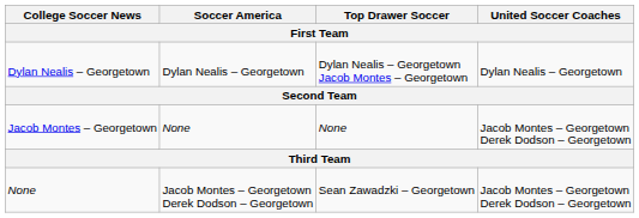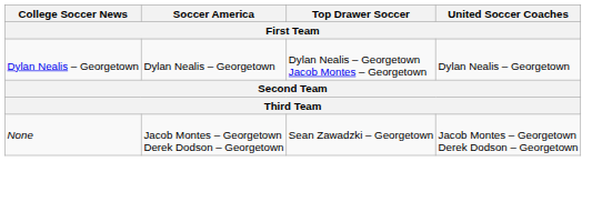 <table class="wikitable" style="font-size: 95%">
 <tr>
 <th>College Soccer News</th>
 <th>Soccer America<em></em></th>
 <th>Top Drawer Soccer</th>
 <th>United Soccer Coaches</th>
 </tr>
 <tr>
 <th colspan=4>First Team</th>
 </tr>
 <tr>
 <td><br><a href='#'>Dylan Nealis</a> – Georgetown</td>
 <td><br>Dylan Nealis – Georgetown</td>
 <td><br>Dylan Nealis – Georgetown<br> <a href='#'>Jacob Montes</a> – Georgetown</td>
 <td><br>Dylan Nealis – Georgetown</td>
 </tr>
 <tr>
 <th colspan=4>Second Team</th>
 </tr>
 <tr>
-<td><a href='#'>Jacob Montes</a> – Georgetown</td>
-<td><em>None</em></td>
-<td><em>None</em></td>
-<td><br>Jacob Montes – Georgetown<br> Derek Dodson – Georgetown</td>
-</tr>
-<tr>
 <th colspan=4>Third Team</th>
 </tr>
 <tr>
 <td><em>None</em></td>
 <td><br>Jacob Montes – Georgetown<br> Derek Dodson – Georgetown</td>
 <td>Sean Zawadzki – Georgetown</td>
 <td><br>Jacob Montes – Georgetown<br> Derek Dodson – Georgetown</td>
 </tr>
 </table>
